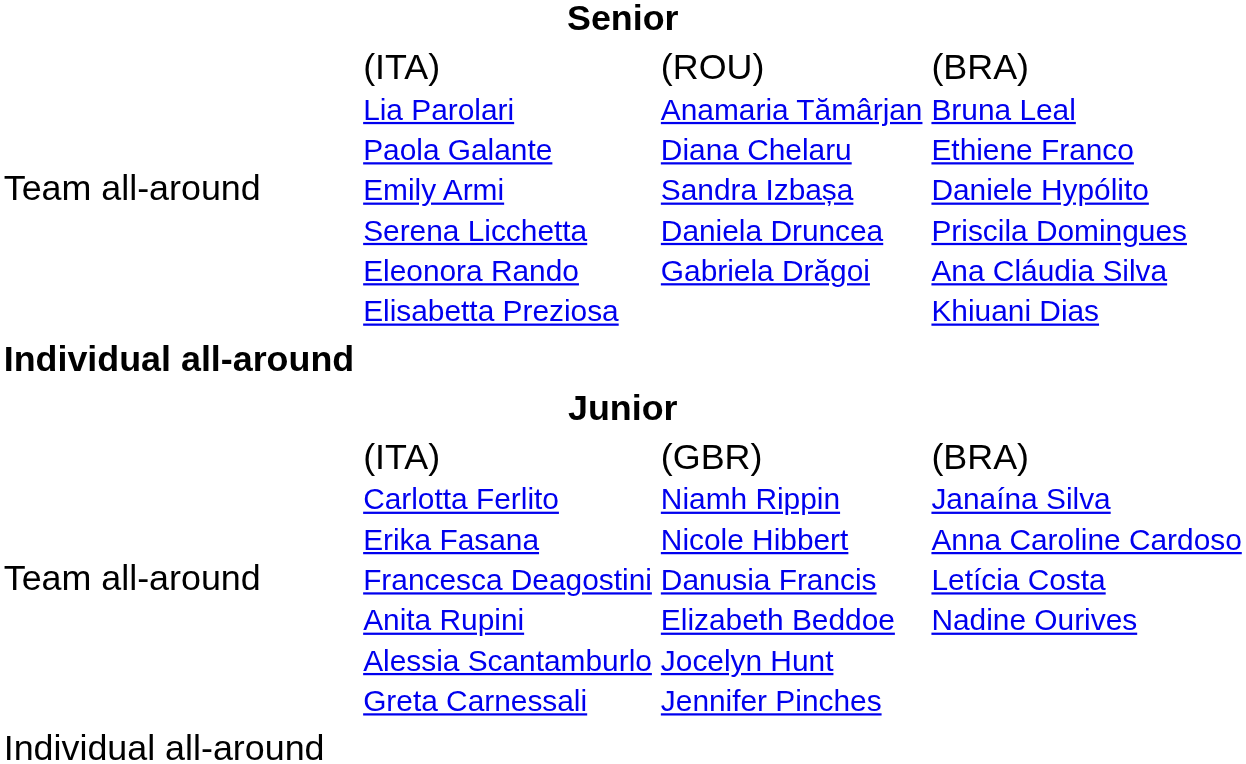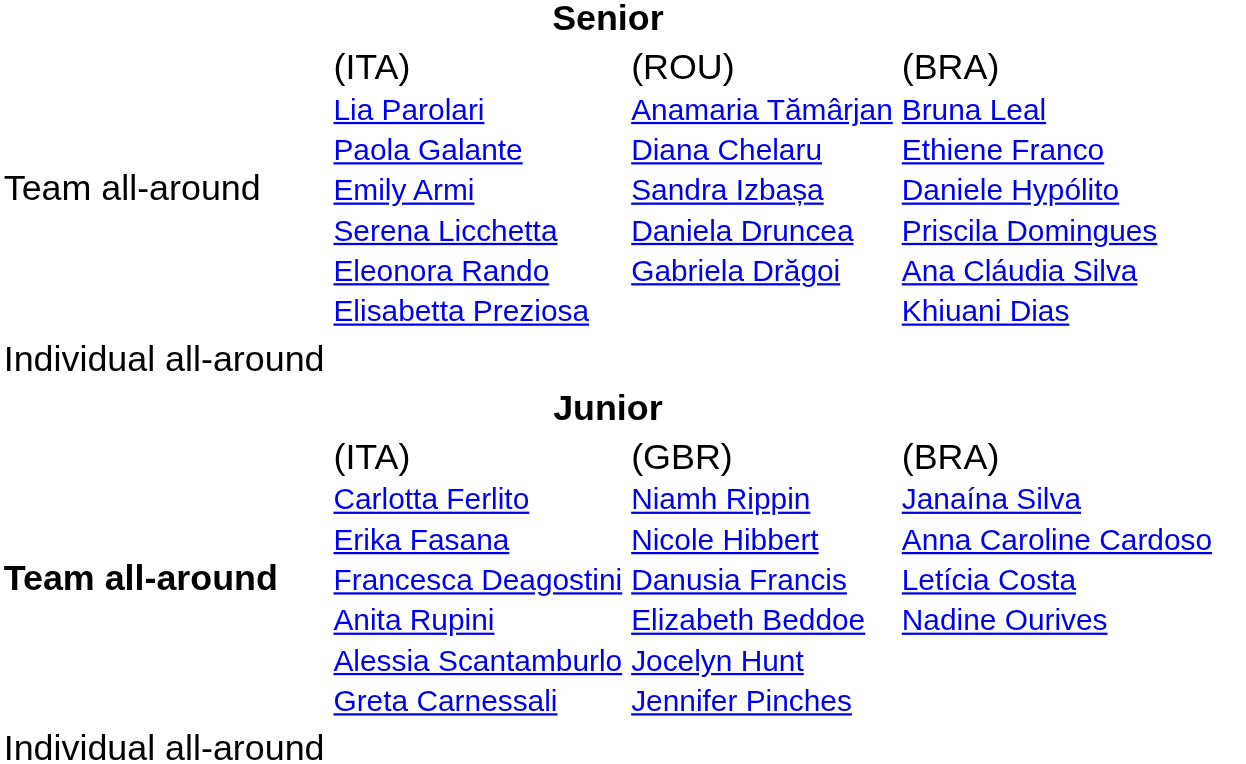 <table>
 <tr>
 <th colspan="4">Senior</th>
 </tr>
 <tr>
 <td>Team all-around<br></td>
 <td> (ITA)<br><small><a href='#'>Lia Parolari</a><br><a href='#'>Paola Galante</a><br><a href='#'>Emily Armi</a><br><a href='#'>Serena Licchetta</a><br><a href='#'>Eleonora Rando</a><br><a href='#'>Elisabetta Preziosa</a></small></td>
 <td> (ROU)<br><small><a href='#'>Anamaria Tămârjan</a><br><a href='#'>Diana Chelaru</a><br><a href='#'>Sandra Izbașa</a><br><a href='#'>Daniela Druncea</a><br><a href='#'>Gabriela Drăgoi</a><br><br></small></td>
 <td> (BRA)<br><small><a href='#'>Bruna Leal</a><br><a href='#'>Ethiene Franco</a><br><a href='#'>Daniele Hypólito</a><br><a href='#'>Priscila Domingues</a><br><a href='#'>Ana Cláudia Silva</a><br><a href='#'>Khiuani Dias</a></small></td>
 </tr>
 <tr>
-<td><strong>Individual all-around<br></strong></td>
+<td>Individual all-around<br></td>
 <td></td>
 <td></td>
 <td></td>
 </tr>
 <tr>
 <th colspan="4">Junior</th>
 </tr>
 <tr>
-<td>Team all-around<br></td>
+<td><strong>Team all-around<br></strong></td>
 <td> (ITA)<br><small><a href='#'>Carlotta Ferlito</a><br><a href='#'>Erika Fasana</a><br><a href='#'>Francesca Deagostini</a><br><a href='#'>Anita Rupini</a><br><a href='#'>Alessia Scantamburlo</a><br><a href='#'>Greta Carnessali</a></small></td>
 <td> (GBR)<br><small><a href='#'>Niamh Rippin</a><br><a href='#'>Nicole Hibbert</a><br><a href='#'>Danusia Francis</a><br><a href='#'>Elizabeth Beddoe</a><br><a href='#'>Jocelyn Hunt</a><br><a href='#'>Jennifer Pinches</a></small></td>
 <td> (BRA)<br><small><a href='#'>Janaína Silva</a><br><a href='#'>Anna Caroline Cardoso</a><br><a href='#'>Letícia Costa</a><br><a href='#'>Nadine Ourives</a><br><br><br></small></td>
 </tr>
 <tr>
 <td>Individual all-around<br></td>
 <td></td>
 <td></td>
 <td></td>
 </tr>
 </table>
